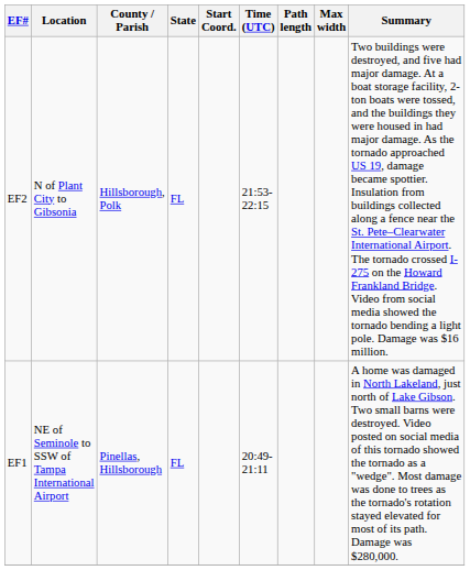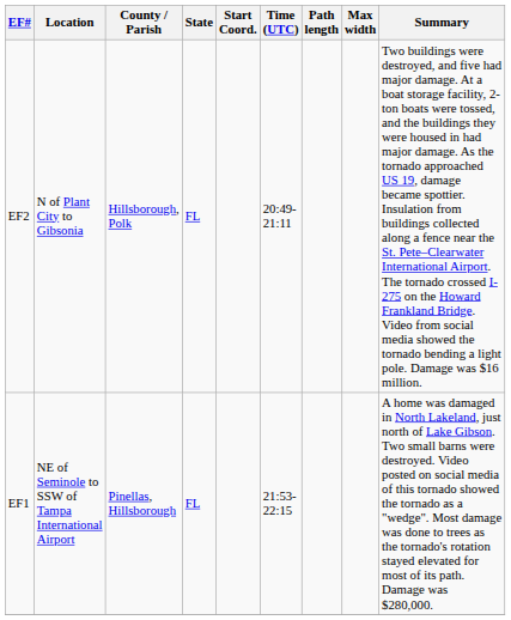 <table class="wikitable sortable" style="width:100%;">
 <tr>
 <th scope="col"  style="width:3%; text-align:center;"><a href='#'>EF#</a></th>
 <th scope="col"  style="width:7%; text-align:center;" class="unsortable">Location</th>
 <th scope="col"  style="width:6%; text-align:center;" class="unsortable">County / Parish</th>
 <th scope="col"  style="width:5%; text-align:center;">State</th>
 <th scope="col"  style="width:6%; text-align:center;">Start Coord.</th>
 <th scope="col"  style="width:6%; text-align:center;">Time (<a href='#'>UTC</a>)</th>
 <th scope="col"  style="width:6%; text-align:center;">Path length</th>
 <th scope="col"  style="width:6%; text-align:center;">Max width</th>
 <th scope="col" class="unsortable" style="width:48%; text-align:center;">Summary</th>
 </tr>
 <tr>
 <td>EF2</td>
 <td>N of <a href='#'>Plant City</a> to <a href='#'>Gibsonia</a></td>
 <td><a href='#'>Hillsborough</a>, <a href='#'>Polk</a></td>
 <td><a href='#'>FL</a></td>
 <td></td>
-<td>21:53-22:15</td>
+<td>20:49-21:11</td>
 <td></td>
 <td></td>
 <td>Two buildings were destroyed, and five had major damage. At a boat storage facility, 2-ton boats were tossed, and the buildings they were housed in had major damage. As the tornado approached <a href='#'>US 19</a>, damage became spottier. Insulation from buildings collected along a fence near the <a href='#'>St. Pete–Clearwater International Airport</a>. The tornado crossed <a href='#'>I-275</a> on the <a href='#'>Howard Frankland Bridge</a>. Video from social media showed the tornado bending a light pole. Damage was $16 million.</td>
 </tr>
 <tr>
 <td>EF1</td>
 <td>NE of <a href='#'>Seminole</a> to SSW of <a href='#'>Tampa International Airport</a></td>
 <td><a href='#'>Pinellas</a>, <a href='#'>Hillsborough</a></td>
 <td><a href='#'>FL</a></td>
 <td></td>
-<td>20:49-21:11</td>
+<td>21:53-22:15</td>
 <td></td>
 <td></td>
 <td>A home was damaged in <a href='#'>North Lakeland</a>, just north of <a href='#'>Lake Gibson</a>. Two small barns were destroyed. Video posted on social media of this tornado showed the tornado as a "wedge". Most damage was done to trees as the tornado's rotation stayed elevated for most of its path. Damage was $280,000.</td>
 </tr>
 <tr>
 </tr>
 </table>
